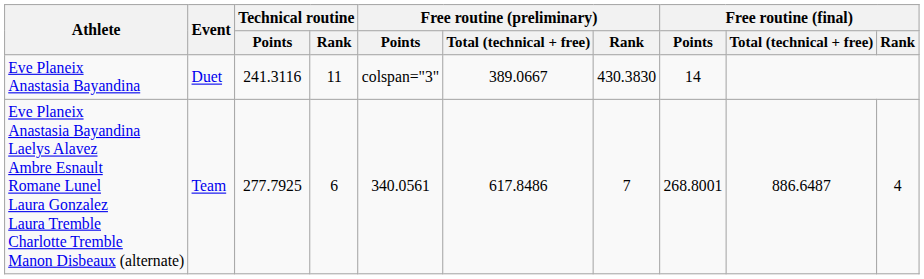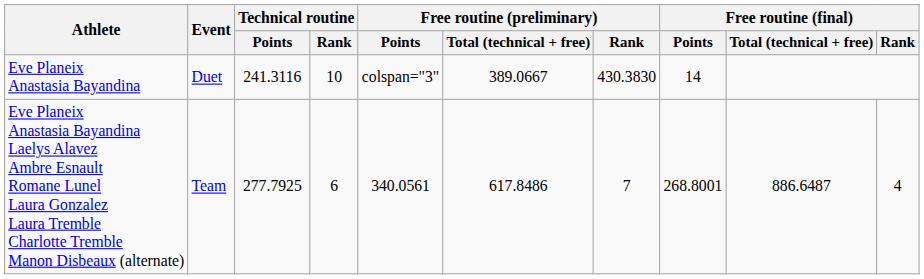 <table class="wikitable" style="font-size:90%">
 <tr>
 <th rowspan="2">Athlete</th>
 <th rowspan="2">Event</th>
 <th colspan=2>Technical routine</th>
 <th colspan=3>Free routine (preliminary)</th>
 <th colspan=3>Free routine (final)</th>
 </tr>
 <tr style="font-size:95%">
 <th>Points</th>
 <th>Rank</th>
 <th>Points</th>
 <th>Total (technical + free)</th>
 <th>Rank</th>
 <th>Points</th>
 <th>Total (technical + free)</th>
 <th>Rank</th>
 </tr>
 <tr align=center>
 <td align=left><a href='#'>Eve Planeix</a><br><a href='#'>Anastasia Bayandina</a></td>
 <td align=left><a href='#'>Duet</a></td>
 <td>241.3116</td>
-<td>11</td>
+<td>10</td>
 <td>colspan="3" </td>
 <td>389.0667</td>
 <td>430.3830</td>
 <td>14</td>
 </tr>
 <tr align=center>
 <td align=left><a href='#'>Eve Planeix</a><br><a href='#'>Anastasia Bayandina</a><br><a href='#'>Laelys Alavez</a><br><a href='#'>Ambre Esnault</a><br><a href='#'>Romane Lunel</a><br><a href='#'>Laura Gonzalez</a><br><a href='#'>Laura Tremble</a><br><a href='#'>Charlotte Tremble</a><br><a href='#'>Manon Disbeaux</a> (alternate)</td>
 <td align=left><a href='#'>Team</a></td>
 <td>277.7925</td>
 <td>6</td>
 <td>340.0561</td>
 <td>617.8486</td>
 <td>7</td>
 <td>268.8001</td>
 <td>886.6487</td>
 <td>4</td>
 </tr>
 </table>
